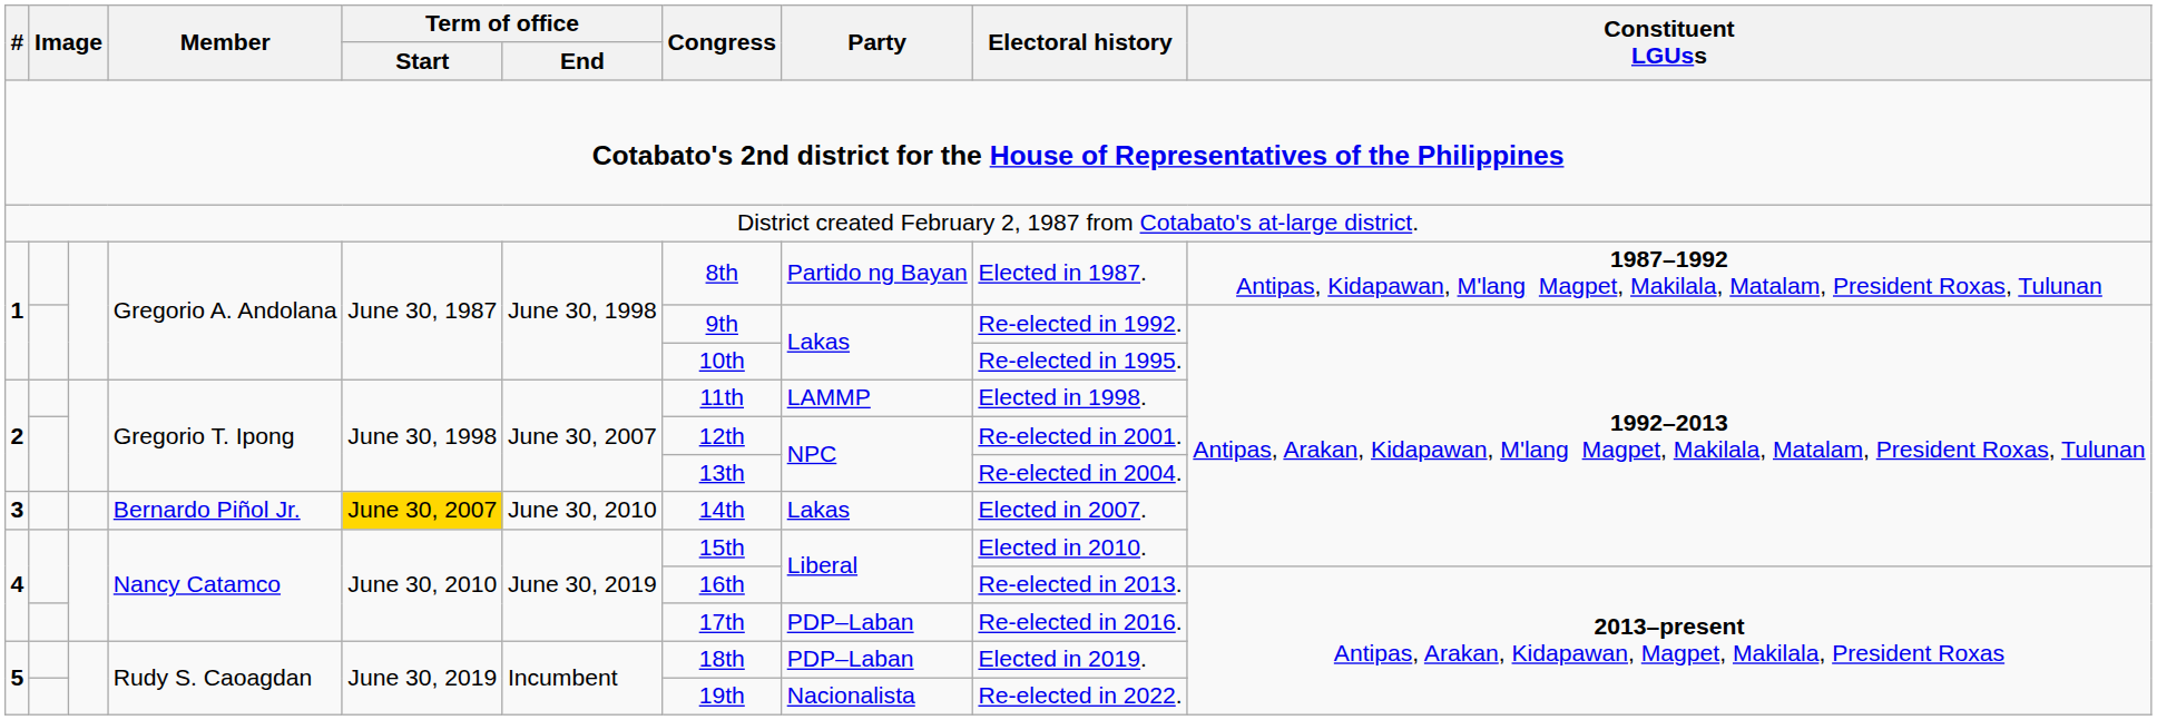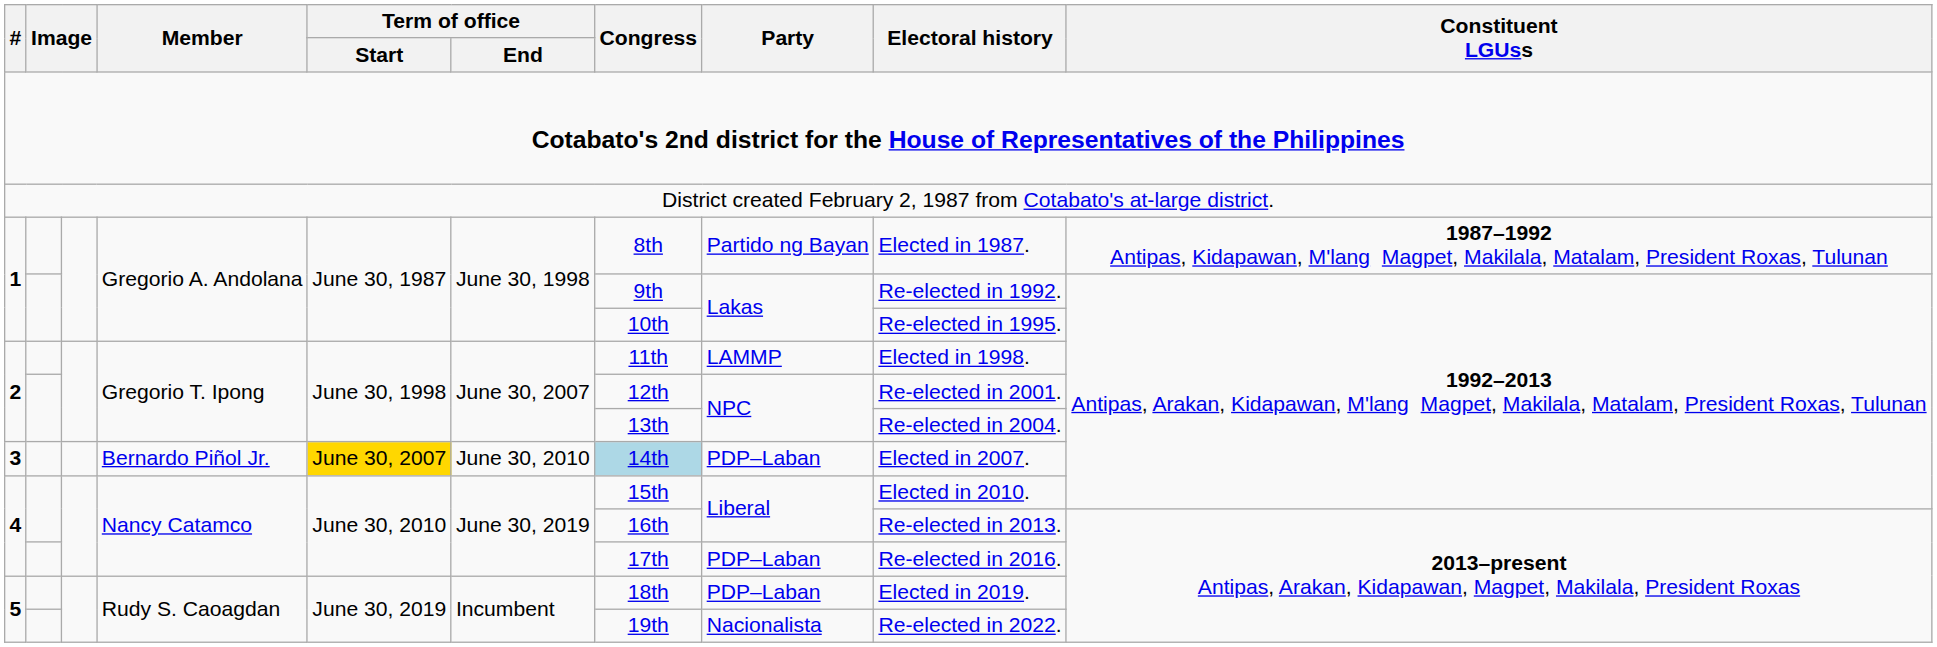 <table class=wikitable>
 <tr>
 <th rowspan="2">#</th>
 <th rowspan="2" colspan=2>Image</th>
 <th rowspan="2">Member</th>
 <th colspan=2>Term of office</th>
 <th rowspan="2">Congress</th>
 <th rowspan="2">Party</th>
 <th rowspan="2">Electoral history</th>
 <th rowspan="2">Constituent<br><a href='#'>LGUs</a>s</th>
 </tr>
 <tr>
 <th>Start</th>
 <th>End</th>
 </tr>
 <tr>
 <td colspan="10" style="text-align:center;"><br><h3>Cotabato's 2nd district for the <a href='#'>House of Representatives of the Philippines</a></h3></td>
 </tr>
 <tr>
 <td colspan="10" style="text-align:center;">District created February 2, 1987 from <a href='#'>Cotabato's at-large district</a>.</td>
 </tr>
 <tr>
 <td rowspan="3" style="text-align:center;"><strong>1</strong></td>
 <td style="color:inherit;background:"></td>
 <td rowspan="3"></td>
 <td rowspan="3">Gregorio A. Andolana</td>
 <td rowspan="3">June 30, 1987</td>
 <td rowspan="3">June 30, 1998</td>
 <td style="text-align:center;"><a href='#'>8th</a></td>
 <td><a href='#'>Partido ng Bayan</a></td>
 <td><a href='#'>Elected in 1987</a>.</td>
 <td style="text-align:center;"><strong>1987–1992</strong><br><a href='#'>Antipas</a>, <a href='#'>Kidapawan</a>, <a href='#'>M'lang</a>  <a href='#'>Magpet</a>, <a href='#'>Makilala</a>, <a href='#'>Matalam</a>, <a href='#'>President Roxas</a>, <a href='#'>Tulunan</a></td>
 </tr>
 <tr>
 <td rowspan="2" style="color:inherit;background:"></td>
 <td style="text-align:center;"><a href='#'>9th</a></td>
 <td rowspan="2"><a href='#'>Lakas</a></td>
 <td><a href='#'>Re-elected in 1992</a>.</td>
 <td rowspan="7" style="text-align:center;"><strong>1992–2013</strong><br><a href='#'>Antipas</a>, <a href='#'>Arakan</a>, <a href='#'>Kidapawan</a>, <a href='#'>M'lang</a>  <a href='#'>Magpet</a>, <a href='#'>Makilala</a>, <a href='#'>Matalam</a>, <a href='#'>President Roxas</a>, <a href='#'>Tulunan</a></td>
 </tr>
 <tr>
 <td style="text-align:center;"><a href='#'>10th</a></td>
 <td><a href='#'>Re-elected in 1995</a>.</td>
 </tr>
 <tr>
 <td rowspan="3" style="text-align:center;"><strong>2</strong></td>
 <td style="color:inherit;background:"></td>
 <td rowspan="3"></td>
 <td rowspan="3">Gregorio T. Ipong</td>
 <td rowspan="3">June 30, 1998</td>
 <td rowspan="3">June 30, 2007</td>
 <td style="text-align:center;"><a href='#'>11th</a></td>
 <td><a href='#'>LAMMP</a></td>
 <td><a href='#'>Elected in 1998</a>.</td>
 </tr>
 <tr>
 <td rowspan="2" style="color:inherit;background:"></td>
 <td style="text-align:center;"><a href='#'>12th</a></td>
 <td rowspan="2"><a href='#'>NPC</a></td>
 <td><a href='#'>Re-elected in 2001</a>.</td>
 </tr>
 <tr>
 <td style="text-align:center;"><a href='#'>13th</a></td>
 <td><a href='#'>Re-elected in 2004</a>.</td>
 </tr>
 <tr>
 <td style="text-align:center;"><strong>3</strong></td>
 <td style="color:inherit;background:"></td>
 <td></td>
 <td><a href='#'>Bernardo Piñol Jr.</a></td>
 <td style="background: gold;">June 30, 2007</td>
 <td>June 30, 2010</td>
-<td style="text-align:center;"><a href='#'>14th</a></td>
-<td><a href='#'>Lakas</a></td>
+<td style="background: lightblue; text-align:center;"><a href='#'>14th</a></td>
+<td><a href='#'>PDP–Laban</a></td>
 <td><a href='#'>Elected in 2007</a>.</td>
 </tr>
 <tr>
 <td rowspan="3" style="text-align:center;"><strong>4</strong></td>
 <td rowspan="2" style="color:inherit;background:"></td>
 <td rowspan="3"></td>
 <td rowspan="3"><a href='#'>Nancy Catamco</a></td>
 <td rowspan="3">June 30, 2010</td>
 <td rowspan="3">June 30, 2019</td>
 <td style="text-align:center;"><a href='#'>15th</a></td>
 <td rowspan="2"><a href='#'>Liberal</a></td>
 <td><a href='#'>Elected in 2010</a>.</td>
 </tr>
 <tr>
 <td style="text-align:center;"><a href='#'>16th</a></td>
 <td><a href='#'>Re-elected in 2013</a>.</td>
 <td rowspan=99 style="text-align:center;"><strong>2013–present</strong><br><a href='#'>Antipas</a>, <a href='#'>Arakan</a>, <a href='#'>Kidapawan</a>, <a href='#'>Magpet</a>, <a href='#'>Makilala</a>, <a href='#'>President Roxas</a></td>
 </tr>
 <tr>
 <td style="color:inherit;background:"></td>
 <td style="text-align:center;"><a href='#'>17th</a></td>
 <td><a href='#'>PDP–Laban</a></td>
 <td><a href='#'>Re-elected in 2016</a>.</td>
 </tr>
 <tr>
 <td rowspan="2" style="text-align:center;"><strong>5</strong></td>
 <td style="color:inherit;background:"></td>
 <td rowspan="2"></td>
 <td rowspan="2">Rudy S. Caoagdan</td>
 <td rowspan="2">June 30, 2019</td>
 <td rowspan="2">Incumbent</td>
 <td style="text-align:center;"><a href='#'>18th</a></td>
 <td><a href='#'>PDP–Laban</a></td>
 <td><a href='#'>Elected in 2019</a>.</td>
 </tr>
 <tr>
 <td style="color:inherit;background:"></td>
 <td style="text-align:center;"><a href='#'>19th</a></td>
 <td><a href='#'>Nacionalista</a></td>
 <td><a href='#'>Re-elected in 2022</a>.</td>
 </tr>
 </table>
